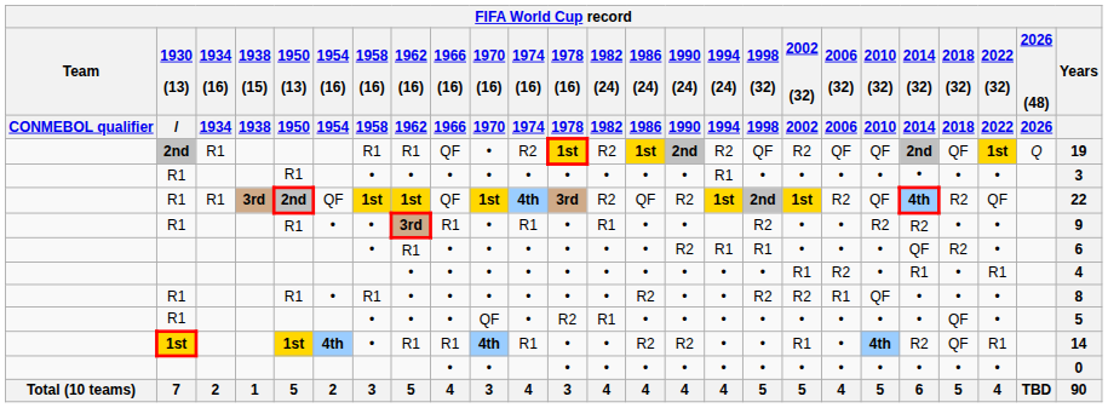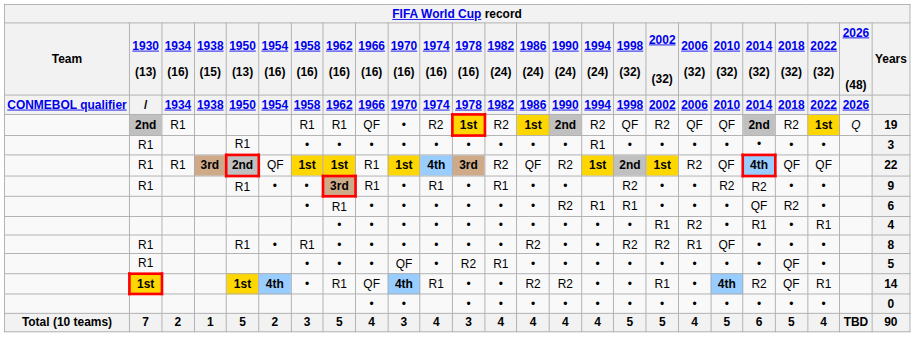 <table class="wikitable" style="text-align:center; font-size:85%;">
 <tr>
 <th colspan=25><a href='#'>FIFA World Cup</a> record</th>
 </tr>
 <tr>
 <th>Team</th>
 <th><a href='#'>1930</a><br><br>(13)</th>
 <th><a href='#'>1934</a><br><br>(16)</th>
 <th><a href='#'>1938</a><br><br>(15)</th>
 <th><a href='#'>1950</a><br><br>(13)</th>
 <th><a href='#'>1954</a><br><br>(16)</th>
 <th><a href='#'>1958</a><br><br>(16)</th>
 <th><a href='#'>1962</a><br><br>(16)</th>
 <th><a href='#'>1966</a><br><br>(16)</th>
 <th><a href='#'>1970</a><br><br>(16)</th>
 <th><a href='#'>1974</a><br><br>(16)</th>
 <th><a href='#'>1978</a><br><br>(16)</th>
 <th><a href='#'>1982</a><br><br>(24)</th>
 <th><a href='#'>1986</a><br><br>(24)</th>
 <th><a href='#'>1990</a><br><br>(24)</th>
 <th><a href='#'>1994</a><br><br>(24)</th>
 <th><a href='#'>1998</a><br><br>(32)</th>
 <th><a href='#'>2002</a><br><br><br>(32)</th>
 <th><a href='#'>2006</a><br><br>(32)</th>
 <th><a href='#'>2010</a><br><br>(32)</th>
 <th><a href='#'>2014</a><br><br>(32)</th>
 <th><a href='#'>2018</a><br><br>(32)</th>
 <th><a href='#'>2022</a><br><br>(32)</th>
 <th><a href='#'>2026</a><br><br><br><br>(48)</th>
 <th>Years</th>
 </tr>
 <tr>
 <th><a href='#'>CONMEBOL qualifier</a></th>
 <th>/</th>
 <th><a href='#'>1934</a></th>
 <th><a href='#'>1938</a></th>
 <th><a href='#'>1950</a></th>
 <th><a href='#'>1954</a></th>
 <th><a href='#'>1958</a></th>
 <th><a href='#'>1962</a></th>
 <th><a href='#'>1966</a></th>
 <th><a href='#'>1970</a></th>
 <th><a href='#'>1974</a></th>
 <th><a href='#'>1978</a></th>
 <th><a href='#'>1982</a></th>
 <th><a href='#'>1986</a></th>
 <th><a href='#'>1990</a></th>
 <th><a href='#'>1994</a></th>
 <th><a href='#'>1998</a></th>
 <th><a href='#'>2002</a></th>
 <th><a href='#'>2006</a></th>
 <th><a href='#'>2010</a></th>
 <th><a href='#'>2014</a></th>
 <th><a href='#'>2018</a></th>
 <th><a href='#'>2022</a></th>
 <th><a href='#'>2026</a></th>
 <th></th>
 </tr>
 <tr>
 <td align=left></td>
 <td bgcolor="silver"><strong>2nd</strong></td>
 <td>R1</td>
 <td></td>
 <td></td>
 <td></td>
 <td>R1</td>
 <td>R1</td>
 <td>QF</td>
 <td>•</td>
 <td>R2</td>
 <td bgcolor="gold" style="border:3px solid red"><strong>1st</strong></td>
 <td>R2</td>
 <td bgcolor="gold"><strong>1st</strong></td>
 <td bgcolor="silver"><strong>2nd</strong></td>
 <td>R2</td>
 <td>QF</td>
 <td>R2</td>
 <td>QF</td>
 <td>QF</td>
 <td bgcolor="silver"><strong>2nd</strong></td>
-<td>QF</td>
+<td>R2</td>
 <td bgcolor="gold"><strong>1st</strong></td>
 <td><em>Q</em></td>
 <th>19</th>
 </tr>
 <tr>
 <td align=left></td>
 <td>R1</td>
 <td></td>
 <td></td>
 <td>R1</td>
 <td></td>
 <td>•</td>
 <td>•</td>
 <td>•</td>
 <td>•</td>
 <td>•</td>
 <td>•</td>
 <td>•</td>
 <td>•</td>
 <td>•</td>
 <td>R1</td>
 <td>•</td>
 <td>•</td>
 <td>•</td>
 <td>•</td>
 <td>•</td>
 <td>•</td>
 <td>•</td>
 <td></td>
 <th>3</th>
 </tr>
 <tr>
 <td align=left></td>
 <td>R1</td>
 <td>R1</td>
 <td bgcolor="#CFAA88"><strong>3rd</strong></td>
 <td bgcolor="silver" style="border:3px solid red"><strong>2nd</strong></td>
 <td>QF</td>
 <td bgcolor="gold"><strong>1st</strong></td>
 <td bgcolor="gold"><strong>1st</strong></td>
-<td>QF</td>
+<td>R1</td>
 <td bgcolor="gold"><strong>1st</strong></td>
 <td bgcolor=#9acdff><strong>4th</strong></td>
 <td bgcolor="#CFAA88"><strong>3rd</strong></td>
 <td>R2</td>
 <td>QF</td>
 <td>R2</td>
 <td bgcolor="gold"><strong>1st</strong></td>
 <td bgcolor="silver"><strong>2nd</strong></td>
 <td bgcolor="gold"><strong>1st</strong></td>
 <td>R2</td>
 <td>QF</td>
 <td bgcolor=#9acdff style="border:3px solid red"><strong>4th</strong></td>
-<td>R2</td>
+<td>QF</td>
 <td>QF</td>
 <td></td>
 <th>22</th>
 </tr>
 <tr>
 <td align=left></td>
 <td>R1</td>
 <td></td>
 <td></td>
 <td>R1</td>
 <td>•</td>
 <td>•</td>
 <td bgcolor="#CFAA88" style="border:3px solid red"><strong>3rd</strong></td>
 <td>R1</td>
 <td>•</td>
 <td>R1</td>
 <td>•</td>
 <td>R1</td>
 <td>•</td>
 <td>•</td>
 <td></td>
 <td>R2</td>
 <td>•</td>
 <td>•</td>
 <td>R2</td>
 <td>R2</td>
 <td>•</td>
 <td>•</td>
 <td></td>
 <th>9</th>
 </tr>
 <tr>
 <td align=left></td>
 <td></td>
 <td></td>
 <td></td>
 <td></td>
 <td></td>
 <td>•</td>
 <td>R1</td>
 <td>•</td>
 <td>•</td>
 <td>•</td>
 <td>•</td>
 <td>•</td>
 <td>•</td>
 <td>R2</td>
 <td>R1</td>
 <td>R1</td>
 <td>•</td>
 <td>•</td>
 <td>•</td>
 <td>QF</td>
 <td>R2</td>
 <td>•</td>
 <td></td>
 <th>6</th>
 </tr>
 <tr>
 <td align=left></td>
 <td></td>
 <td></td>
 <td></td>
 <td></td>
 <td></td>
 <td></td>
 <td>•</td>
 <td>•</td>
 <td>•</td>
 <td>•</td>
 <td>•</td>
 <td>•</td>
 <td>•</td>
 <td>•</td>
 <td>•</td>
 <td>•</td>
 <td>R1</td>
 <td>R2</td>
 <td>•</td>
 <td>R1</td>
 <td>•</td>
 <td>R1</td>
 <td></td>
 <th>4</th>
 </tr>
 <tr>
 <td align=left></td>
 <td>R1</td>
 <td></td>
 <td></td>
 <td>R1</td>
 <td>•</td>
 <td>R1</td>
 <td>•</td>
 <td>•</td>
 <td>•</td>
 <td>•</td>
 <td>•</td>
 <td>•</td>
 <td>R2</td>
 <td>•</td>
 <td>•</td>
 <td>R2</td>
 <td>R2</td>
 <td>R1</td>
 <td>QF</td>
 <td>•</td>
 <td>•</td>
 <td>•</td>
 <td></td>
 <th>8</th>
 </tr>
 <tr>
 <td align=left></td>
 <td>R1</td>
 <td></td>
 <td></td>
 <td></td>
 <td></td>
 <td>•</td>
 <td>•</td>
 <td>•</td>
 <td>QF</td>
 <td>•</td>
 <td>R2</td>
 <td>R1</td>
 <td>•</td>
 <td>•</td>
 <td>•</td>
 <td>•</td>
 <td>•</td>
 <td>•</td>
 <td>•</td>
 <td>•</td>
 <td>QF</td>
 <td>•</td>
 <td></td>
 <th>5</th>
 </tr>
 <tr>
 <td align=left></td>
 <td bgcolor="gold" style="border:3px solid red"><strong>1st</strong></td>
 <td></td>
 <td></td>
 <td bgcolor="gold"><strong>1st</strong></td>
 <td bgcolor=#9acdff><strong>4th</strong></td>
 <td>•</td>
 <td>R1</td>
-<td>R1</td>
+<td>QF</td>
 <td bgcolor=#9acdff><strong>4th</strong></td>
 <td>R1</td>
 <td>•</td>
 <td>•</td>
 <td>R2</td>
 <td>R2</td>
 <td>•</td>
 <td>•</td>
 <td>R1</td>
 <td>•</td>
 <td bgcolor=#9acdff><strong>4th</strong></td>
 <td>R2</td>
 <td>QF</td>
 <td>R1</td>
 <td></td>
 <th>14</th>
 </tr>
 <tr>
 <td align=left></td>
 <td></td>
 <td></td>
 <td></td>
 <td></td>
 <td></td>
 <td></td>
 <td></td>
 <td>•</td>
 <td>•</td>
 <td></td>
 <td>•</td>
 <td>•</td>
 <td>•</td>
 <td>•</td>
 <td>•</td>
 <td>•</td>
 <td>•</td>
 <td>•</td>
 <td>•</td>
 <td>•</td>
 <td>•</td>
 <td>•</td>
 <td></td>
 <th>0</th>
 </tr>
 <tr>
 <th>Total (10 teams)</th>
 <th>7</th>
 <th>2</th>
 <th>1</th>
 <th>5</th>
 <th>2</th>
 <th>3</th>
 <th>5</th>
 <th>4</th>
 <th>3</th>
 <th>4</th>
 <th>3</th>
 <th>4</th>
 <th>4</th>
 <th>4</th>
 <th>4</th>
 <th>5</th>
 <th>5</th>
 <th>4</th>
 <th>5</th>
 <th>6</th>
 <th>5</th>
 <th>4</th>
 <th>TBD</th>
 <th>90</th>
 </tr>
 </table>
